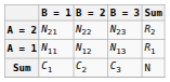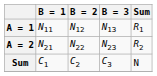 <table class="wikitable">
 <tr>
 <th></th>
 <th>B = 1</th>
 <th>B = 2</th>
 <th>B = 3</th>
 <th>Sum</th>
 </tr>
 <tr>
+<th>A = 1</th>
+<td><em>N</em><sub>11</sub></td>
+<td><em>N</em><sub>12</sub></td>
+<td><em>N</em><sub>13</sub></td>
+<td><em>R</em><sub>1</sub></td>
+</tr>
+<tr>
 <th>A = 2</th>
 <td><em>N</em><sub>21</sub></td>
 <td><em>N</em><sub>22</sub></td>
 <td><em>N</em><sub>23</sub></td>
 <td><em>R</em><sub>2</sub></td>
-</tr>
-<tr>
-<th>A = 1</th>
-<td><em>N</em><sub>11</sub></td>
-<td><em>N</em><sub>12</sub></td>
-<td><em>N</em><sub>13</sub></td>
-<td><em>R</em><sub>1</sub></td>
 </tr>
 <tr>
 <th>Sum</th>
 <td><em>C</em><sub>1</sub></td>
 <td><em>C</em><sub>2</sub></td>
 <td><em>C</em><sub>3</sub></td>
 <td>N</td>
 </tr>
 <tr>
 </tr>
 </table>
